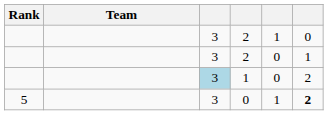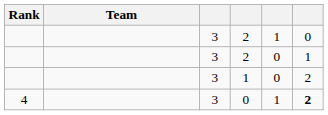 <table class="wikitable" style="text-align: center;">
 <tr>
 <th width=40>Rank</th>
 <th width=180>Team</th>
 <th width=30></th>
 <th width=30></th>
 <th width=30></th>
 <th width=30></th>
 </tr>
 <tr>
 <td></td>
 <td align="left"></td>
 <td>3</td>
 <td>2</td>
 <td>1</td>
 <td>0</td>
 </tr>
 <tr>
 <td></td>
 <td align="left"></td>
 <td>3</td>
 <td>2</td>
 <td>0</td>
 <td>1</td>
 </tr>
 <tr>
 <td></td>
 <td align="left"></td>
-<td style="background: lightblue;">3</td>
+<td>3</td>
 <td>1</td>
 <td>0</td>
 <td>2</td>
 </tr>
 <tr>
-<td>5</td>
+<td>4</td>
 <td align="left"></td>
 <td>3</td>
 <td>0</td>
 <td>1</td>
 <td><strong>2</strong></td>
 </tr>
 </table>
